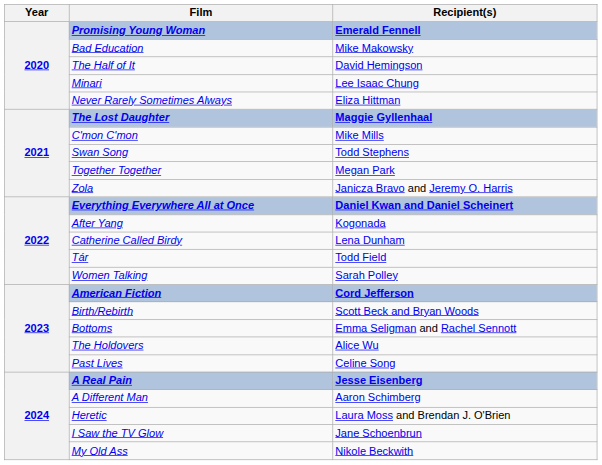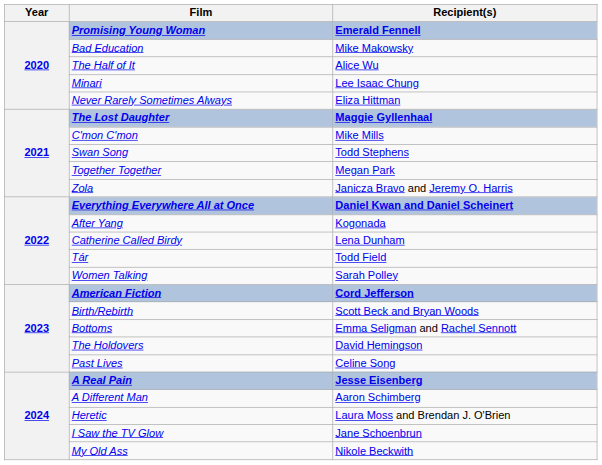 <table class="wikitable" width="68%" cellpadding="5">
 <tr>
 <th width="100">Year</th>
 <th width="450">Film</th>
 <th width="450">Recipient(s)</th>
 </tr>
 <tr>
 <th rowspan="5" style="text-align:center;"><a href='#'>2020</a><br></th>
 <td style="background:#B0C4DE"><strong><em><a href='#'>Promising Young Woman</a></em></strong></td>
 <td style="background:#B0C4DE"><strong><a href='#'>Emerald Fennell</a></strong></td>
 </tr>
 <tr>
 <td><em><a href='#'>Bad Education</a></em></td>
 <td><a href='#'>Mike Makowsky</a></td>
 </tr>
 <tr>
 <td><em><a href='#'>The Half of It</a></em></td>
-<td><a href='#'>David Hemingson</a></td>
+<td><a href='#'>Alice Wu</a></td>
 </tr>
 <tr>
 <td><em><a href='#'>Minari</a></em></td>
 <td><a href='#'>Lee Isaac Chung</a></td>
 </tr>
 <tr>
 <td><em><a href='#'>Never Rarely Sometimes Always</a></em></td>
 <td><a href='#'>Eliza Hittman</a></td>
 </tr>
 <tr>
 <th rowspan="5" style="text-align:center;"><a href='#'>2021</a><br></th>
 <td style="background:#B0C4DE"><strong><em><a href='#'>The Lost Daughter</a></em></strong></td>
 <td style="background:#B0C4DE"><strong><a href='#'>Maggie Gyllenhaal</a></strong></td>
 </tr>
 <tr>
 <td><em><a href='#'>C'mon C'mon</a></em></td>
 <td><a href='#'>Mike Mills</a></td>
 </tr>
 <tr>
 <td><em><a href='#'>Swan Song</a></em></td>
 <td><a href='#'>Todd Stephens</a></td>
 </tr>
 <tr>
 <td><em><a href='#'>Together Together</a></em></td>
 <td><a href='#'>Megan Park</a></td>
 </tr>
 <tr>
 <td><em><a href='#'>Zola</a></em></td>
 <td><a href='#'>Janicza Bravo</a> and <a href='#'>Jeremy O. Harris</a></td>
 </tr>
 <tr>
 <th rowspan="5" style="text-align:center;"><a href='#'>2022</a><br></th>
 <td style="background:#B0C4DE;"><strong><em><a href='#'>Everything Everywhere All at Once</a></em></strong></td>
 <td style="background:#B0C4DE;"><strong><a href='#'>Daniel Kwan and Daniel Scheinert</a></strong></td>
 </tr>
 <tr>
 <td><em><a href='#'>After Yang</a></em></td>
 <td><a href='#'>Kogonada</a></td>
 </tr>
 <tr>
 <td><em><a href='#'>Catherine Called Birdy</a></em></td>
 <td><a href='#'>Lena Dunham</a></td>
 </tr>
 <tr>
 <td><em><a href='#'>Tár</a></em></td>
 <td><a href='#'>Todd Field</a></td>
 </tr>
 <tr>
 <td><em><a href='#'>Women Talking</a></em></td>
 <td><a href='#'>Sarah Polley</a></td>
 </tr>
 <tr>
 <th rowspan="5" style="text-align:center;"><a href='#'>2023</a><br></th>
 <td style="background:#B0C4DE;"><strong><em><a href='#'>American Fiction</a></em></strong></td>
 <td style="background:#B0C4DE;"><strong><a href='#'>Cord Jefferson</a></strong></td>
 </tr>
 <tr>
 <td><em><a href='#'>Birth/Rebirth</a></em></td>
 <td><a href='#'>Scott Beck and Bryan Woods</a></td>
 </tr>
 <tr>
 <td><em><a href='#'>Bottoms</a></em></td>
 <td><a href='#'>Emma Seligman</a> and <a href='#'>Rachel Sennott</a></td>
 </tr>
 <tr>
 <td><em><a href='#'>The Holdovers</a></em></td>
-<td><a href='#'>Alice Wu</a></td>
+<td><a href='#'>David Hemingson</a></td>
 </tr>
 <tr>
 <td><em><a href='#'>Past Lives</a></em></td>
 <td><a href='#'>Celine Song</a></td>
 </tr>
 <tr>
 <th rowspan="5" style="text-align:center;"><a href='#'>2024</a><br></th>
 <td style="background:#B0C4DE;"><strong><em><a href='#'>A Real Pain</a></em></strong></td>
 <td style="background:#B0C4DE;"><strong><a href='#'>Jesse Eisenberg</a></strong></td>
 </tr>
 <tr>
 <td><em><a href='#'>A Different Man</a></em></td>
 <td><a href='#'>Aaron Schimberg</a></td>
 </tr>
 <tr>
 <td><a href='#'><em>Heretic</em></a></td>
 <td><a href='#'>Laura Moss</a> and Brendan J. O'Brien</td>
 </tr>
 <tr>
 <td><em><a href='#'>I Saw the TV Glow</a></em></td>
 <td><a href='#'>Jane Schoenbrun</a></td>
 </tr>
 <tr>
 <td><em><a href='#'>My Old Ass</a></em></td>
 <td><a href='#'>Nikole Beckwith</a></td>
 </tr>
 </table>
